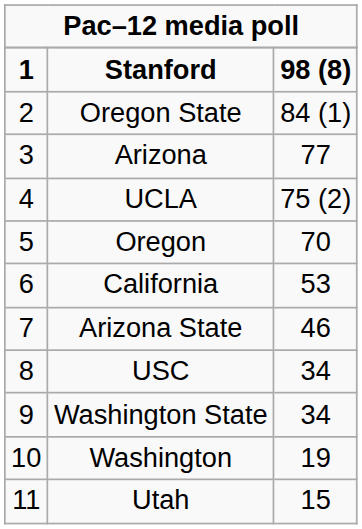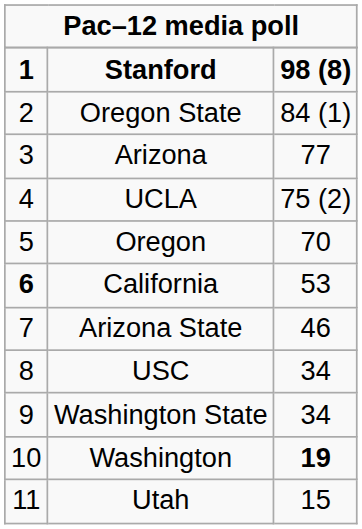 <table class="wikitable" style="display: inline-table;">
 <tr>
 <td align="center" Colspan="3"><strong>Pac–12 media poll</strong></td>
 </tr>
 <tr align="center">
 </tr>
 <tr align="center">
 <td><strong>1</strong></td>
 <td><strong>Stanford</strong></td>
 <td><strong>98 (8)</strong></td>
 </tr>
 <tr align="center">
 <td>2</td>
 <td>Oregon State</td>
 <td>84 (1)</td>
 </tr>
 <tr align="center">
 <td>3</td>
 <td>Arizona</td>
 <td>77</td>
 </tr>
 <tr align="center">
 <td>4</td>
 <td>UCLA</td>
 <td>75 (2)</td>
 </tr>
 <tr align="center">
 <td>5</td>
 <td>Oregon</td>
 <td>70</td>
 </tr>
 <tr align="center">
-<td>6</td>
+<td><strong>6</strong></td>
 <td>California</td>
 <td>53</td>
 </tr>
 <tr align="center">
 <td>7</td>
 <td>Arizona State</td>
 <td>46</td>
 </tr>
 <tr align="center">
 <td>8</td>
 <td>USC</td>
 <td>34</td>
 </tr>
 <tr align="center">
 <td>9</td>
 <td>Washington State</td>
 <td>34</td>
 </tr>
 <tr align="center">
 <td>10</td>
 <td>Washington</td>
-<td>19</td>
+<td><strong>19</strong></td>
 </tr>
 <tr align="center">
 <td>11</td>
 <td>Utah</td>
 <td>15</td>
 </tr>
 </table>
